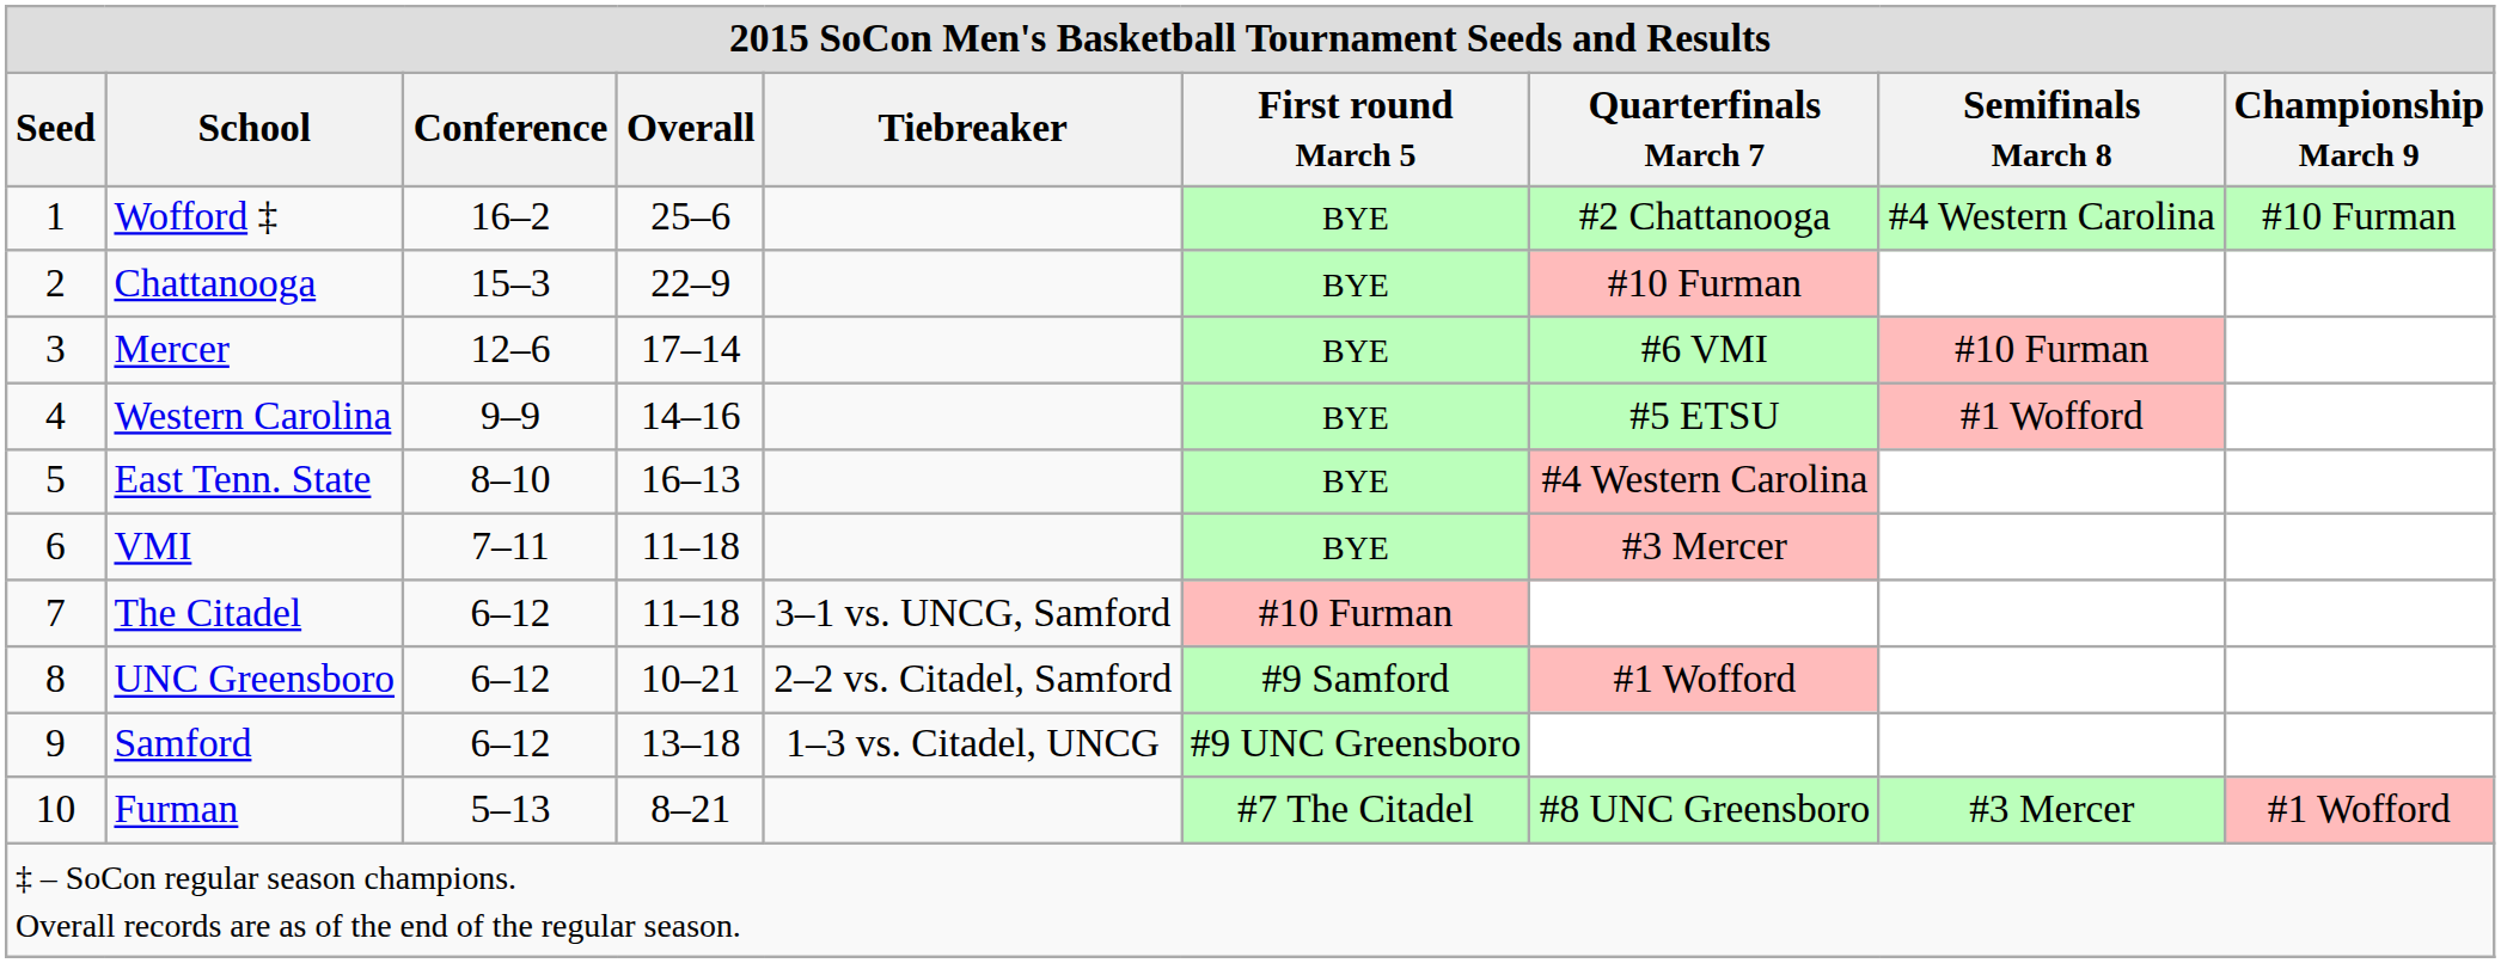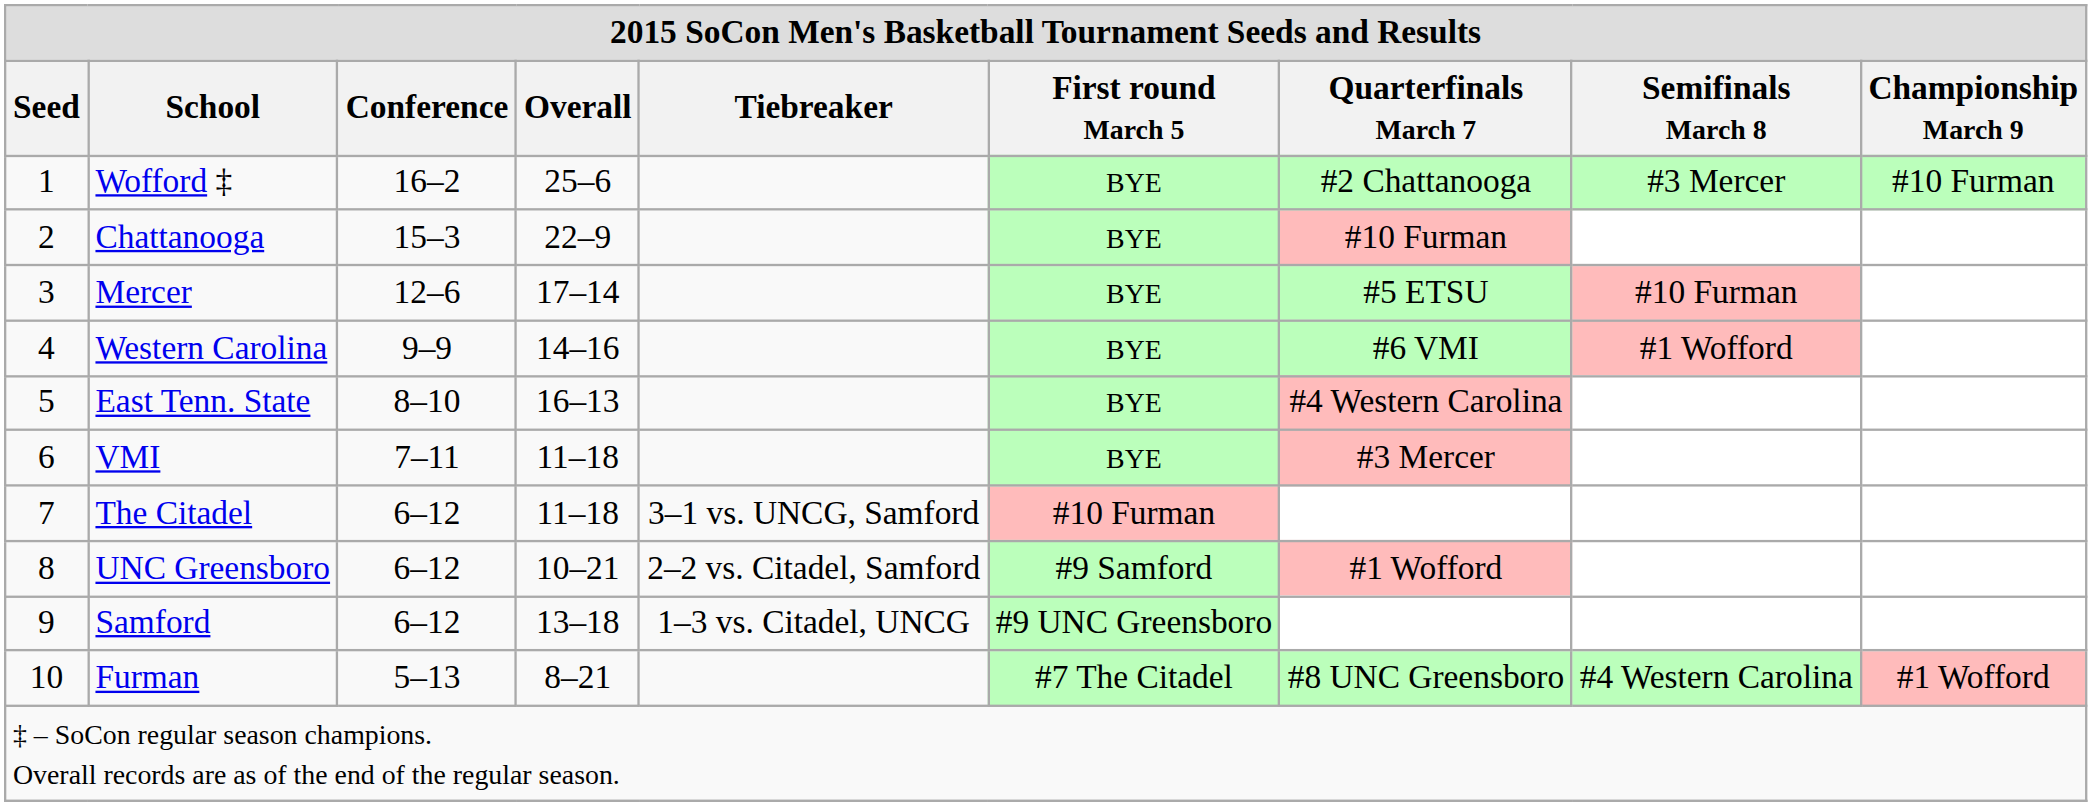 <table class="wikitable" style="white-space:nowrap; font-size:90%;text-align:center">
 <tr>
 <td colspan="9" style="background:#DDDDDD; font:#000000"><strong>2015 SoCon Men's Basketball Tournament Seeds and Results</strong></td>
 </tr>
 <tr>
 <th>Seed</th>
 <th>School</th>
 <th>Conference</th>
 <th>Overall</th>
 <th>Tiebreaker</th>
 <th>First round<br><small>March 5</small></th>
 <th>Quarterfinals<br><small>March 7</small></th>
 <th>Semifinals<br><small>March 8</small></th>
 <th>Championship<br><small>March 9</small></th>
 </tr>
 <tr>
 <td>1</td>
 <td align=left><a href='#'>Wofford</a> ‡</td>
 <td>16–2</td>
 <td>25–6</td>
 <td></td>
 <td style="background:#bfb;"><small>BYE</small></td>
 <td style="background:#bfb;">#2 Chattanooga</td>
-<td style="background:#bfb;">#4 Western Carolina</td>
+<td style="background:#bfb;">#3 Mercer</td>
 <td style="background:#bfb;">#10 Furman</td>
 </tr>
 <tr>
 <td>2</td>
 <td align=left><a href='#'>Chattanooga</a></td>
 <td>15–3</td>
 <td>22–9</td>
 <td></td>
 <td style="background:#bfb;"><small>BYE</small></td>
 <td style="background:#fbb;">#10 Furman</td>
 <td style="background:#fff;"></td>
 <td style="background:#fff;"></td>
 </tr>
 <tr>
 <td>3</td>
 <td align=left><a href='#'>Mercer</a></td>
 <td>12–6</td>
 <td>17–14</td>
 <td></td>
 <td style="background:#bfb;"><small>BYE</small></td>
-<td style="background:#bfb;">#6 VMI</td>
+<td style="background:#bfb;">#5 ETSU</td>
 <td style="background:#fbb;">#10 Furman</td>
 <td style="background:#fff;"></td>
 </tr>
 <tr>
 <td>4</td>
 <td align=left><a href='#'>Western Carolina</a></td>
 <td>9–9</td>
 <td>14–16</td>
 <td></td>
 <td style="background:#bfb;"><small>BYE</small></td>
-<td style="background:#bfb;">#5 ETSU</td>
+<td style="background:#bfb;">#6 VMI</td>
 <td style="background:#fbb;">#1 Wofford</td>
 <td style="background:#fff;"></td>
 </tr>
 <tr>
 <td>5</td>
 <td align=left><a href='#'>East Tenn. State</a></td>
 <td>8–10</td>
 <td>16–13</td>
 <td></td>
 <td style="background:#bfb;"><small>BYE</small></td>
 <td style="background:#fbb;">#4 Western Carolina</td>
 <td style="background:#fff;"></td>
 <td style="background:#fff;"></td>
 </tr>
 <tr>
 <td>6</td>
 <td align=left><a href='#'>VMI</a></td>
 <td>7–11</td>
 <td>11–18</td>
 <td></td>
 <td style="background:#bfb;"><small>BYE</small></td>
 <td style="background:#fbb;">#3 Mercer</td>
 <td style="background:#fff;"></td>
 <td style="background:#fff;"></td>
 </tr>
 <tr>
 <td>7</td>
 <td align=left><a href='#'>The Citadel</a></td>
 <td>6–12</td>
 <td>11–18</td>
 <td>3–1 vs. UNCG, Samford</td>
 <td style="background:#fbb;">#10 Furman</td>
 <td style="background:#fff;"></td>
 <td style="background:#fff;"></td>
 <td style="background:#fff;"></td>
 </tr>
 <tr>
 <td>8</td>
 <td align=left><a href='#'>UNC Greensboro</a></td>
 <td>6–12</td>
 <td>10–21</td>
 <td>2–2 vs. Citadel, Samford</td>
 <td style="background:#bfb;">#9 Samford</td>
 <td style="background:#fbb;">#1 Wofford</td>
 <td style="background:#fff;"></td>
 <td style="background:#fff;"></td>
 </tr>
 <tr>
 <td>9</td>
 <td align=left><a href='#'>Samford</a></td>
 <td>6–12</td>
 <td>13–18</td>
 <td>1–3 vs. Citadel, UNCG</td>
 <td style="background:#bfb;">#9 UNC Greensboro</td>
 <td style="background:#fff;"></td>
 <td style="background:#fff;"></td>
 <td style="background:#fff;"></td>
 </tr>
 <tr>
 <td>10</td>
 <td align=left><a href='#'>Furman</a></td>
 <td>5–13</td>
 <td>8–21</td>
 <td></td>
 <td style="background:#bfb;">#7 The Citadel</td>
 <td style="background:#bfb;">#8 UNC Greensboro</td>
-<td style="background:#bfb;">#3 Mercer</td>
+<td style="background:#bfb;">#4 Western Carolina</td>
 <td style="background:#fbb;">#1 Wofford</td>
 </tr>
 <tr>
 <td colspan="9" align=left><small>‡ – SoCon regular season champions.<br>Overall records are as of the end of the regular season.</small></td>
 </tr>
 <tr>
 </tr>
 </table>
